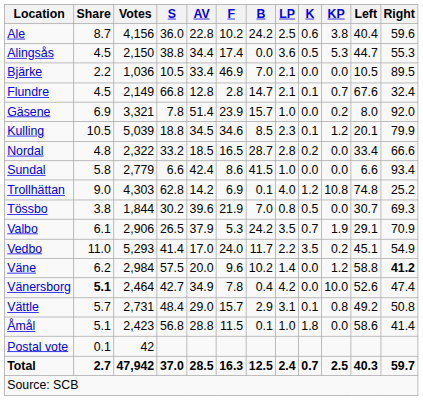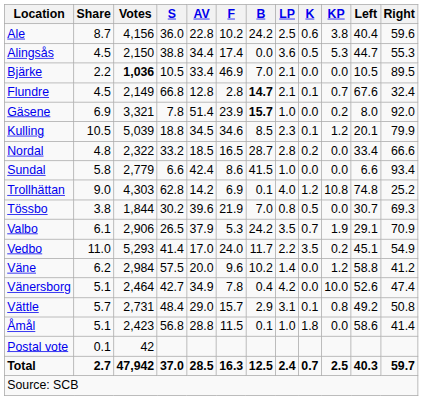 <table class="wikitable sortable" style=text-align:right>
 <tr>
 <th>Location</th>
 <th>Share</th>
 <th>Votes</th>
 <th><a href='#'>S</a></th>
 <th><a href='#'>AV</a></th>
 <th><a href='#'>F</a></th>
 <th><a href='#'>B</a></th>
 <th><a href='#'>LP</a></th>
 <th><a href='#'>K</a></th>
 <th><a href='#'>KP</a></th>
 <th>Left</th>
 <th>Right</th>
 </tr>
 <tr>
 <td align=left><a href='#'>Ale</a></td>
 <td>8.7</td>
 <td>4,156</td>
 <td>36.0</td>
 <td>22.8</td>
 <td>10.2</td>
 <td>24.2</td>
 <td>2.5</td>
 <td>0.6</td>
 <td>3.8</td>
 <td>40.4</td>
 <td>59.6</td>
 </tr>
 <tr>
 <td align=left><a href='#'>Alingsås</a></td>
 <td>4.5</td>
 <td>2,150</td>
 <td>38.8</td>
 <td>34.4</td>
 <td>17.4</td>
 <td>0.0</td>
 <td>3.6</td>
 <td>0.5</td>
 <td>5.3</td>
 <td>44.7</td>
 <td>55.3</td>
 </tr>
 <tr>
 <td align=left><a href='#'>Bjärke</a></td>
 <td>2.2</td>
-<td>1,036</td>
+<td><strong>1,036</strong></td>
 <td>10.5</td>
 <td>33.4</td>
 <td>46.9</td>
 <td>7.0</td>
 <td>2.1</td>
 <td>0.0</td>
 <td>0.0</td>
 <td>10.5</td>
 <td>89.5</td>
 </tr>
 <tr>
 <td align=left><a href='#'>Flundre</a></td>
 <td>4.5</td>
 <td>2,149</td>
 <td>66.8</td>
 <td>12.8</td>
 <td>2.8</td>
-<td>14.7</td>
+<td><strong>14.7</strong></td>
 <td>2.1</td>
 <td>0.1</td>
 <td>0.7</td>
 <td>67.6</td>
 <td>32.4</td>
 </tr>
 <tr>
 <td align=left><a href='#'>Gäsene</a></td>
 <td>6.9</td>
 <td>3,321</td>
 <td>7.8</td>
 <td>51.4</td>
 <td>23.9</td>
-<td>15.7</td>
+<td><strong>15.7</strong></td>
 <td>1.0</td>
 <td>0.0</td>
 <td>0.2</td>
 <td>8.0</td>
 <td>92.0</td>
 </tr>
 <tr>
 <td align=left><a href='#'>Kulling</a></td>
 <td>10.5</td>
 <td>5,039</td>
 <td>18.8</td>
 <td>34.5</td>
 <td>34.6</td>
 <td>8.5</td>
 <td>2.3</td>
 <td>0.1</td>
 <td>1.2</td>
 <td>20.1</td>
 <td>79.9</td>
 </tr>
 <tr>
 <td align=left><a href='#'>Nordal</a></td>
 <td>4.8</td>
 <td>2,322</td>
 <td>33.2</td>
 <td>18.5</td>
 <td>16.5</td>
 <td>28.7</td>
 <td>2.8</td>
 <td>0.2</td>
 <td>0.0</td>
 <td>33.4</td>
 <td>66.6</td>
 </tr>
 <tr>
 <td align=left><a href='#'>Sundal</a></td>
 <td>5.8</td>
 <td>2,779</td>
 <td>6.6</td>
 <td>42.4</td>
 <td>8.6</td>
 <td>41.5</td>
 <td>1.0</td>
 <td>0.0</td>
 <td>0.0</td>
 <td>6.6</td>
 <td>93.4</td>
 </tr>
 <tr>
 <td align=left><a href='#'>Trollhättan</a></td>
 <td>9.0</td>
 <td>4,303</td>
 <td>62.8</td>
 <td>14.2</td>
 <td>6.9</td>
 <td>0.1</td>
 <td>4.0</td>
 <td>1.2</td>
 <td>10.8</td>
 <td>74.8</td>
 <td>25.2</td>
 </tr>
 <tr>
 <td align=left><a href='#'>Tössbo</a></td>
 <td>3.8</td>
 <td>1,844</td>
 <td>30.2</td>
 <td>39.6</td>
 <td>21.9</td>
 <td>7.0</td>
 <td>0.8</td>
 <td>0.5</td>
 <td>0.0</td>
 <td>30.7</td>
 <td>69.3</td>
 </tr>
 <tr>
 <td align=left><a href='#'>Valbo</a></td>
 <td>6.1</td>
 <td>2,906</td>
 <td>26.5</td>
 <td>37.9</td>
 <td>5.3</td>
 <td>24.2</td>
 <td>3.5</td>
 <td>0.7</td>
 <td>1.9</td>
 <td>29.1</td>
 <td>70.9</td>
 </tr>
 <tr>
 <td align=left><a href='#'>Vedbo</a></td>
 <td>11.0</td>
 <td>5,293</td>
 <td>41.4</td>
 <td>17.0</td>
 <td>24.0</td>
 <td>11.7</td>
 <td>2.2</td>
 <td>3.5</td>
 <td>0.2</td>
 <td>45.1</td>
 <td>54.9</td>
 </tr>
 <tr>
 <td align=left><a href='#'>Väne</a></td>
 <td>6.2</td>
 <td>2,984</td>
 <td>57.5</td>
 <td>20.0</td>
 <td>9.6</td>
 <td>10.2</td>
 <td>1.4</td>
 <td>0.0</td>
 <td>1.2</td>
 <td>58.8</td>
-<td><strong>41.2</strong></td>
+<td>41.2</td>
 </tr>
 <tr>
 <td align=left><a href='#'>Vänersborg</a></td>
-<td><strong>5.1</strong></td>
+<td>5.1</td>
 <td>2,464</td>
 <td>42.7</td>
 <td>34.9</td>
 <td>7.8</td>
 <td>0.4</td>
 <td>4.2</td>
 <td>0.0</td>
 <td>10.0</td>
 <td>52.6</td>
 <td>47.4</td>
 </tr>
 <tr>
 <td align=left><a href='#'>Vättle</a></td>
 <td>5.7</td>
 <td>2,731</td>
 <td>48.4</td>
 <td>29.0</td>
 <td>15.7</td>
 <td>2.9</td>
 <td>3.1</td>
 <td>0.1</td>
 <td>0.8</td>
 <td>49.2</td>
 <td>50.8</td>
 </tr>
 <tr>
 <td align=left><a href='#'>Åmål</a></td>
 <td>5.1</td>
 <td>2,423</td>
 <td>56.8</td>
 <td>28.8</td>
 <td>11.5</td>
 <td>0.1</td>
 <td>1.0</td>
 <td>1.8</td>
 <td>0.0</td>
 <td>58.6</td>
 <td>41.4</td>
 </tr>
 <tr>
 <td align=left><a href='#'>Postal vote</a></td>
 <td>0.1</td>
 <td>42</td>
 <td></td>
 <td></td>
 <td></td>
 <td></td>
 <td></td>
 <td></td>
 <td></td>
 <td></td>
 <td></td>
 </tr>
 <tr>
 <td align=left><strong>Total</strong></td>
 <td><strong>2.7</strong></td>
 <td><strong>47,942</strong></td>
 <td><strong>37.0</strong></td>
 <td><strong>28.5</strong></td>
 <td><strong>16.3</strong></td>
 <td><strong>12.5</strong></td>
 <td><strong>2.4</strong></td>
 <td><strong>0.7</strong></td>
 <td><strong>2.5</strong></td>
 <td><strong>40.3</strong></td>
 <td><strong>59.7</strong></td>
 </tr>
 <tr>
 <td align=left colspan=12>Source: SCB </td>
 </tr>
 </table>
